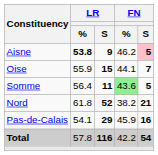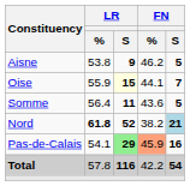 <table class="wikitable sortable" style="text-align:right; font-size:97%; line-height:20px;">
 <tr>
 <th rowspan="3">Constituency</th>
 <th colspan="2" style="width:30px;" class="unsortable"><a href='#'>LR</a></th>
 <th colspan="2" style="width:30px;" class="unsortable"><a href='#'>FN</a></th>
 </tr>
 <tr>
 <th colspan="2" style="background:"></th>
 <th colspan="2" style="background:"></th>
 </tr>
 <tr>
 <th data-sort-type="number">%</th>
 <th data-sort-type="number">S</th>
 <th data-sort-type="number">%</th>
 <th data-sort-type="number">S</th>
 </tr>
 <tr>
 <td style="text-align:left;"><a href='#'>Aisne</a></td>
-<td style="background:"><strong>53.8</strong></td>
+<td style="background:">53.8</td>
 <td><strong>9</strong></td>
 <td>46.2</td>
-<td style="background: pink;"><strong>5</strong></td>
+<td><strong>5</strong></td>
 </tr>
 <tr>
 <td style="text-align:left;"><a href='#'>Oise</a></td>
 <td style="background:">55.9</td>
-<td><strong>15</strong></td>
+<td style="background: lightyellow;"><strong>15</strong></td>
 <td>44.1</td>
 <td><strong>7</strong></td>
 </tr>
 <tr>
 <td style="text-align:left;"><a href='#'>Somme</a></td>
 <td style="background:">56.4</td>
 <td><strong>11</strong></td>
-<td style="background: lightgreen;">43.6</td>
+<td>43.6</td>
 <td><strong>5</strong></td>
 </tr>
 <tr>
 <td style="text-align:left;"><a href='#'>Nord</a></td>
-<td style="background:">61.8</td>
+<td style="background:"><strong>61.8</strong></td>
 <td><strong>52</strong></td>
 <td>38.2</td>
-<td><strong>21</strong></td>
+<td style="background: lightblue;"><strong>21</strong></td>
 </tr>
 <tr>
 <td style="text-align:left;"><a href='#'>Pas-de-Calais</a></td>
 <td style="background:">54.1</td>
-<td><strong>29</strong></td>
-<td>45.9</td>
+<td style="background: lightgreen;"><strong>29</strong></td>
+<td style="background: lightsalmon;">45.9</td>
 <td><strong>16</strong></td>
 </tr>
 <tr style="background:#CDCDCD;">
 <td style="text-align:left;"><strong>Total</strong></td>
 <td style="background:">57.8</td>
 <td><strong>116</strong></td>
 <td>42.2</td>
 <td><strong>54</strong></td>
 </tr>
 <tr>
 <td colspan="15" style="background:#e9e9e9;"></td>
 </tr>
 </table>
